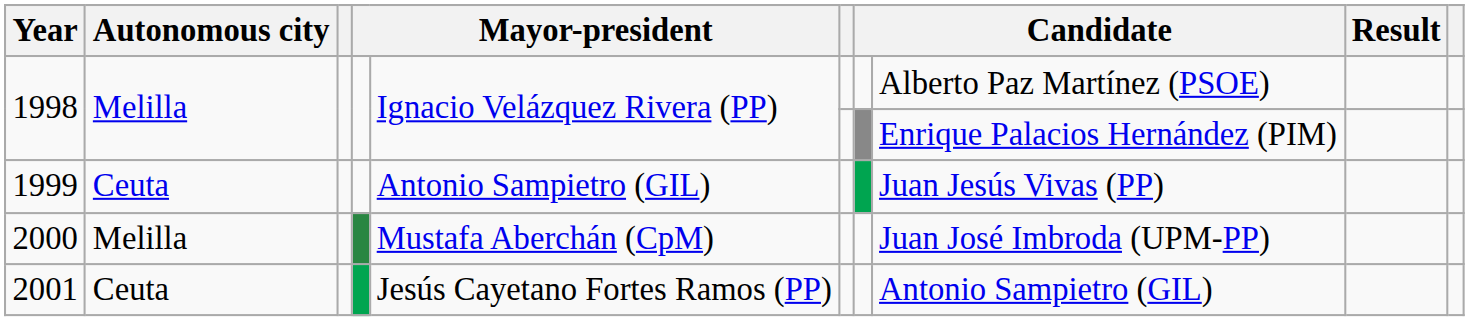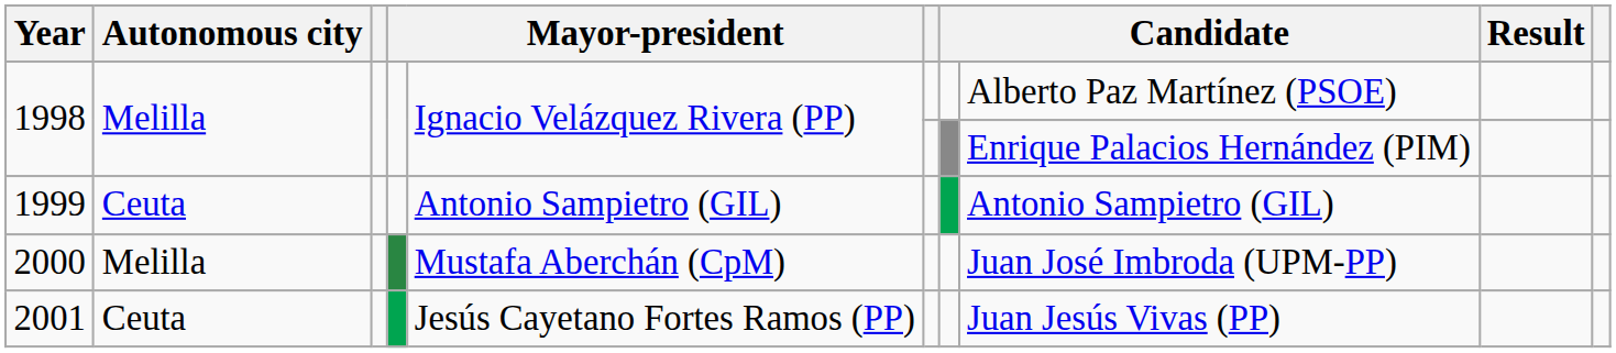 <table class="wikitable sortable">
 <tr>
 <th>Year</th>
 <th>Autonomous city</th>
 <th></th>
 <th colspan="2">Mayor-president</th>
 <th></th>
 <th colspan="2">Candidate</th>
 <th>Result</th>
 <th></th>
 </tr>
 <tr>
 <td rowspan="2">1998</td>
 <td rowspan="2"><a href='#'>Melilla</a></td>
 <td rowspan="2"></td>
 <td rowspan="2" width="1"></td>
 <td rowspan="2"><a href='#'>Ignacio Velázquez Rivera</a> (<a href='#'>PP</a>)</td>
 <td></td>
 <td width="1"></td>
 <td>Alberto Paz Martínez (<a href='#'>PSOE</a>)</td>
 <td></td>
 <td></td>
 </tr>
 <tr>
 <td></td>
 <td width="1" style="background-color:#888888"></td>
 <td><a href='#'>Enrique Palacios Hernández</a> (PIM)</td>
 <td></td>
 <td></td>
 </tr>
 <tr>
 <td>1999</td>
 <td><a href='#'>Ceuta</a></td>
 <td></td>
 <td width="1"></td>
 <td><a href='#'>Antonio Sampietro</a> (<a href='#'>GIL</a>)</td>
 <td></td>
 <td width="1" style="background-color:#00A550"></td>
-<td><a href='#'>Juan Jesús Vivas</a> (<a href='#'>PP</a>)</td>
+<td><a href='#'>Antonio Sampietro</a> (<a href='#'>GIL</a>)</td>
 <td></td>
 <td></td>
 </tr>
 <tr>
 <td>2000</td>
 <td>Melilla</td>
 <td></td>
 <td width="1" style="background-color:#298642"></td>
 <td><a href='#'>Mustafa Aberchán</a> (<a href='#'>CpM</a>)</td>
 <td></td>
 <td width="1"></td>
 <td><a href='#'>Juan José Imbroda</a> (UPM-<a href='#'>PP</a>)</td>
 <td></td>
 <td></td>
 </tr>
 <tr>
 <td>2001</td>
 <td>Ceuta</td>
 <td></td>
 <td width="1" style="background-color:#00A550"></td>
 <td>Jesús Cayetano Fortes Ramos (<a href='#'>PP</a>)</td>
 <td></td>
 <td width="1"></td>
-<td><a href='#'>Antonio Sampietro</a> (<a href='#'>GIL</a>)</td>
+<td><a href='#'>Juan Jesús Vivas</a> (<a href='#'>PP</a>)</td>
 <td></td>
 <td></td>
 </tr>
 </table>
